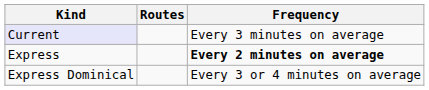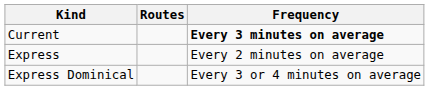 <table class="wikitable" style="margin: 1em auto;">
 <tr>
 <th>Kind</th>
 <th>Routes</th>
 <th>Frequency</th>
 </tr>
 <tr>
-<td style="background: lavender;">Current</td>
+<td>Current</td>
 <td></td>
-<td>Every 3 minutes on average</td>
+<td><strong>Every 3 minutes on average</strong></td>
 </tr>
 <tr>
 <td>Express</td>
 <td>   </td>
-<td><strong>Every 2 minutes on average</strong></td>
+<td>Every 2 minutes on average</td>
 </tr>
 <tr>
 <td>Express Dominical</td>
 <td></td>
 <td>Every 3 or 4 minutes on average</td>
 </tr>
 </table>
